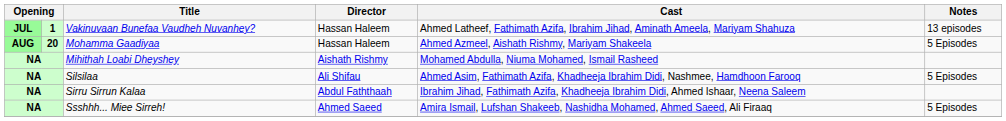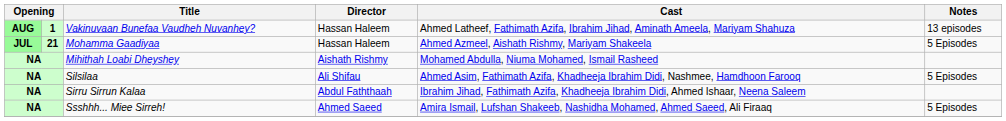 <table class="wikitable plainrowheaders" width="100%">
 <tr>
 <th scope="col" colspan="2">Opening</th>
 <th scope="col">Title</th>
 <th scope="col">Director</th>
 <th scope="col">Cast</th>
 <th scope="col">Notes</th>
 </tr>
 <tr>
-<td style="text-align:center; background:#98fb98; textcolor:#000;"><strong>JUL</strong></td>
+<td style="text-align:center; background:#98fb98; textcolor:#000;"><strong>AUG</strong></td>
 <td style="text-align:center; textcolor:#000; background:#cdfecd;"><strong>1</strong></td>
 <td><em><a href='#'>Vakinuvaan Bunefaa Vaudheh Nuvanhey?</a></em></td>
 <td>Hassan Haleem</td>
 <td>Ahmed Latheef, <a href='#'>Fathimath Azifa</a>, <a href='#'>Ibrahim Jihad</a>, <a href='#'>Aminath Ameela</a>, <a href='#'>Mariyam Shahuza</a></td>
 <td>13 episodes</td>
 </tr>
 <tr>
-<td style="text-align:center; background:#98fb98; textcolor:#000;"><strong>AUG</strong></td>
-<td style="text-align:center; textcolor:#000; background:#cdfecd;"><strong>20</strong></td>
+<td style="text-align:center; background:#98fb98; textcolor:#000;"><strong>JUL</strong></td>
+<td style="text-align:center; textcolor:#000; background:#cdfecd;"><strong>21</strong></td>
 <td><em><a href='#'>Mohamma Gaadiyaa</a></em></td>
 <td>Hassan Haleem</td>
 <td><a href='#'>Ahmed Azmeel</a>, <a href='#'>Aishath Rishmy</a>, <a href='#'>Mariyam Shakeela</a></td>
 <td>5 Episodes</td>
 </tr>
 <tr>
 <td style="text-align:center; textcolor:#000; background:#cdfecd;" colspan="2"><strong>NA</strong></td>
 <td><em><a href='#'>Mihithah Loabi Dheyshey</a></em></td>
 <td><a href='#'>Aishath Rishmy</a></td>
 <td><a href='#'>Mohamed Abdulla</a>, <a href='#'>Niuma Mohamed</a>, <a href='#'>Ismail Rasheed</a></td>
 <td></td>
 </tr>
 <tr>
 <td style="text-align:center; textcolor:#000; background:#cdfecd;" colspan="2"><strong>NA</strong></td>
 <td><em>Silsilaa</em></td>
 <td><a href='#'>Ali Shifau</a></td>
 <td><a href='#'>Ahmed Asim</a>, <a href='#'>Fathimath Azifa</a>, <a href='#'>Khadheeja Ibrahim Didi</a>, Nashmee, <a href='#'>Hamdhoon Farooq</a></td>
 <td>5 Episodes</td>
 </tr>
 <tr>
 <td style="text-align:center; textcolor:#000; background:#cdfecd;" colspan="2"><strong>NA</strong></td>
 <td><em>Sirru Sirrun Kalaa</em></td>
 <td><a href='#'>Abdul Faththaah</a></td>
 <td><a href='#'>Ibrahim Jihad</a>, <a href='#'>Fathimath Azifa</a>, <a href='#'>Khadheeja Ibrahim Didi</a>, Ahmed Ishaar, <a href='#'>Neena Saleem</a></td>
 <td></td>
 </tr>
 <tr>
 <td style="text-align:center; textcolor:#000; background:#cdfecd;" colspan="2"><strong>NA</strong></td>
 <td><em>Ssshhh... Miee Sirreh!</em></td>
 <td><a href='#'>Ahmed Saeed</a></td>
 <td><a href='#'>Amira Ismail</a>, <a href='#'>Lufshan Shakeeb</a>, <a href='#'>Nashidha Mohamed</a>, <a href='#'>Ahmed Saeed</a>, Ali Firaaq</td>
 <td>5 Episodes</td>
 </tr>
 <tr>
 </tr>
 </table>
